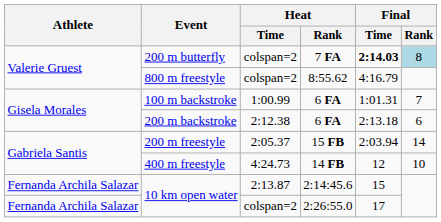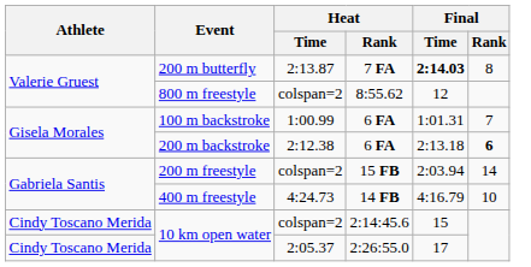 <table class=wikitable style="font-size:90%">
 <tr>
 <th rowspan="2">Athlete</th>
 <th rowspan="2">Event</th>
 <th colspan="2">Heat</th>
 <th colspan="2">Final</th>
 </tr>
 <tr style="font-size:95%">
 <th>Time</th>
 <th>Rank</th>
 <th>Time</th>
 <th>Rank</th>
 </tr>
 <tr align=center>
 <td align=left rowspan="2"><a href='#'>Valerie Gruest</a></td>
 <td align=left><a href='#'>200 m butterfly</a></td>
-<td>colspan=2 </td>
+<td>2:13.87</td>
 <td>7 <strong>FA</strong></td>
 <td><strong>2:14.03</strong></td>
-<td style="background: lightblue;">8</td>
+<td>8</td>
 </tr>
 <tr align=center>
 <td align=left><a href='#'>800 m freestyle</a></td>
 <td>colspan=2 </td>
 <td>8:55.62</td>
-<td>4:16.79</td>
+<td>12</td>
 </tr>
 <tr align=center>
 <td align=left rowspan="2"><a href='#'>Gisela Morales</a></td>
 <td align=left><a href='#'>100 m backstroke</a></td>
 <td>1:00.99</td>
 <td>6 <strong>FA</strong></td>
 <td>1:01.31</td>
 <td>7</td>
 </tr>
 <tr align=center>
 <td align=left><a href='#'>200 m backstroke</a></td>
 <td>2:12.38</td>
 <td>6 <strong>FA</strong></td>
 <td>2:13.18</td>
-<td>6</td>
+<td><strong>6</strong></td>
 </tr>
 <tr align=center>
 <td align=left rowspan="2"><a href='#'>Gabriela Santis</a></td>
 <td align=left><a href='#'>200 m freestyle</a></td>
-<td>2:05.37</td>
+<td>colspan=2 </td>
 <td>15 <strong>FB</strong></td>
 <td>2:03.94</td>
 <td>14</td>
 </tr>
 <tr align=center>
 <td align=left><a href='#'>400 m freestyle</a></td>
 <td>4:24.73</td>
 <td>14 <strong>FB</strong></td>
-<td>12</td>
+<td>4:16.79</td>
 <td>10</td>
 </tr>
 <tr align=center>
-<td align=left><a href='#'>Fernanda Archila Salazar</a></td>
+<td align=left><a href='#'>Cindy Toscano Merida</a></td>
 <td align=left rowspan=2><a href='#'>10 km open water</a></td>
-<td>2:13.87</td>
+<td>colspan=2 </td>
 <td>2:14:45.6</td>
 <td>15</td>
 </tr>
 <tr align=center>
-<td align=left><a href='#'>Fernanda Archila Salazar</a></td>
-<td>colspan=2 </td>
+<td align=left><a href='#'>Cindy Toscano Merida</a></td>
+<td>2:05.37</td>
 <td>2:26:55.0</td>
 <td>17</td>
 </tr>
 </table>
